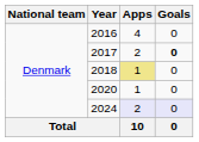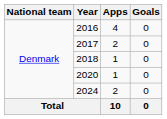 <table class="wikitable" style="text-align:center">
 <tr>
 <th>National team</th>
 <th>Year</th>
 <th>Apps</th>
 <th>Goals</th>
 </tr>
 <tr>
 <td rowspan="5"><a href='#'>Denmark</a></td>
 <td>2016</td>
 <td>4</td>
 <td>0</td>
 </tr>
 <tr>
 <td>2017</td>
 <td>2</td>
-<td><strong>0</strong></td>
+<td>0</td>
 </tr>
 <tr>
 <td>2018</td>
-<td style="background: khaki;">1</td>
+<td>1</td>
 <td>0</td>
 </tr>
 <tr>
 <td>2020</td>
 <td>1</td>
 <td>0</td>
 </tr>
 <tr>
 <td>2024</td>
-<td style="background: lavender;">2</td>
-<td style="background: lavender;">0</td>
+<td>2</td>
+<td>0</td>
 </tr>
 <tr>
 <th colspan="2">Total</th>
 <th>10</th>
 <th>0</th>
 </tr>
 </table>
